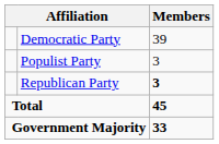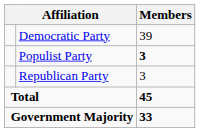 <table class="wikitable">
 <tr>
 <th colspan="2">Affiliation</th>
 <th>Members</th>
 </tr>
 <tr>
 <td style="background-color:"> </td>
 <td><a href='#'>Democratic Party</a></td>
 <td>39</td>
 </tr>
 <tr>
 <td style="background-color:"> </td>
 <td><a href='#'>Populist Party</a></td>
-<td>3</td>
+<td><strong>3</strong></td>
 </tr>
 <tr>
 <td style="background-color:"> </td>
 <td><a href='#'>Republican Party</a></td>
-<td><strong>3</strong></td>
+<td>3</td>
 </tr>
 <tr>
 <td colspan="2" rowspan="1"> <strong>Total</strong><br></td>
 <td><strong>45</strong></td>
 </tr>
 <tr>
 <td colspan="2" rowspan="1"> <strong>Government Majority</strong><br></td>
 <td><strong>33</strong></td>
 </tr>
 </table>
